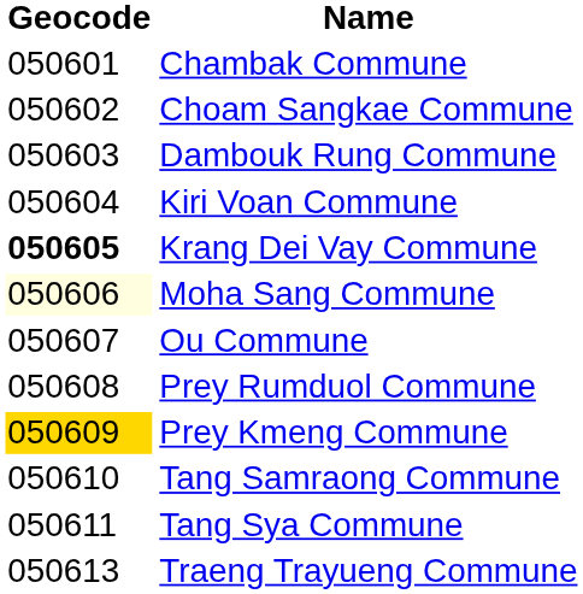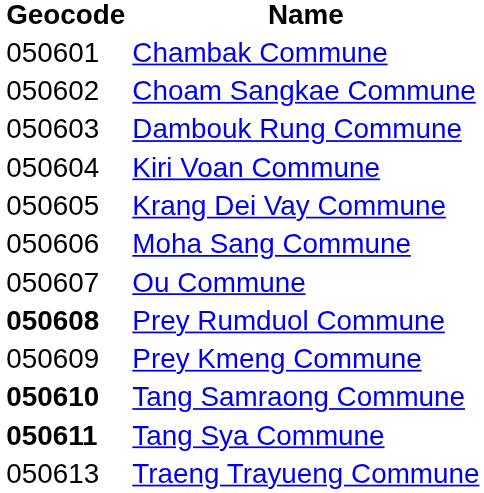 <table>
 <tr>
 <th>Geocode</th>
 <th>Name</th>
 <th></th>
 </tr>
 <tr>
 <td>050601</td>
 <td><a href='#'>Chambak Commune</a></td>
 <td></td>
 </tr>
 <tr>
 <td>050602</td>
 <td><a href='#'>Choam Sangkae Commune</a></td>
 <td></td>
 </tr>
 <tr>
 <td>050603</td>
 <td><a href='#'>Dambouk Rung Commune</a></td>
 <td></td>
 </tr>
 <tr>
 <td>050604</td>
 <td><a href='#'>Kiri Voan Commune</a></td>
 <td></td>
 </tr>
 <tr>
-<td><strong>050605</strong></td>
+<td>050605</td>
 <td><a href='#'>Krang Dei Vay Commune</a></td>
 <td></td>
 </tr>
 <tr>
-<td style="background: lightyellow;">050606</td>
+<td>050606</td>
 <td><a href='#'>Moha Sang Commune</a></td>
 <td></td>
 </tr>
 <tr>
 <td>050607</td>
 <td><a href='#'>Ou Commune</a></td>
 <td></td>
 </tr>
 <tr>
-<td>050608</td>
+<td><strong>050608</strong></td>
 <td><a href='#'>Prey Rumduol Commune</a></td>
 <td></td>
 </tr>
 <tr>
-<td style="background: gold;">050609</td>
+<td>050609</td>
 <td><a href='#'>Prey Kmeng Commune</a></td>
 <td></td>
 </tr>
 <tr>
-<td>050610</td>
+<td><strong>050610</strong></td>
 <td><a href='#'>Tang Samraong Commune</a></td>
 <td></td>
 </tr>
 <tr>
-<td>050611</td>
+<td><strong>050611</strong></td>
 <td><a href='#'>Tang Sya Commune</a></td>
 <td></td>
 </tr>
 <tr>
 <td>050613</td>
 <td><a href='#'>Traeng Trayueng Commune</a></td>
 <td></td>
 </tr>
 <tr>
 </tr>
 </table>
